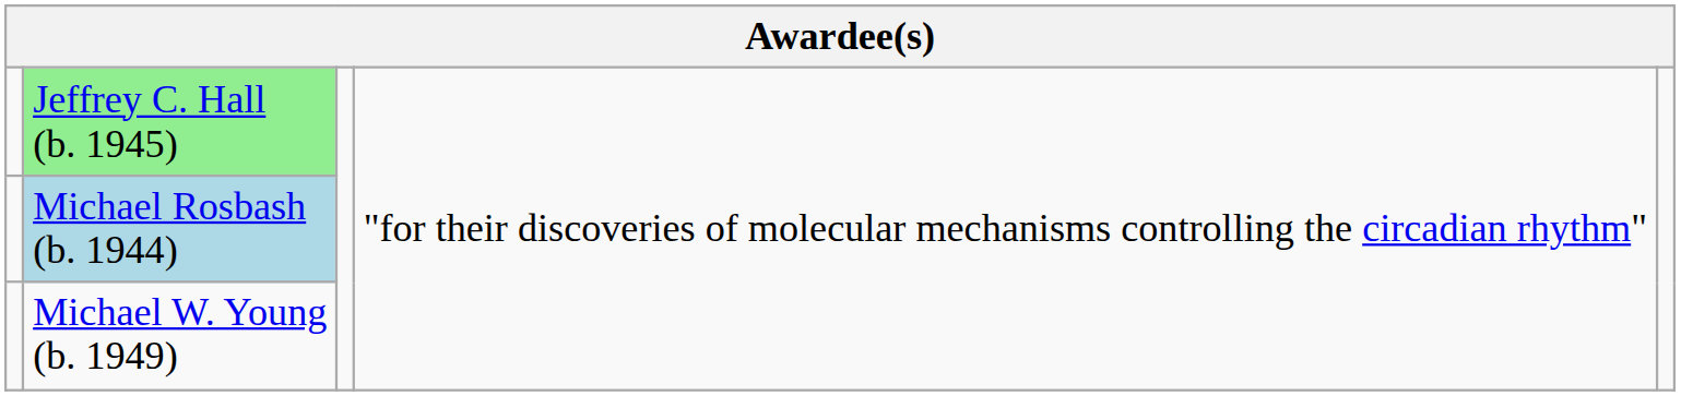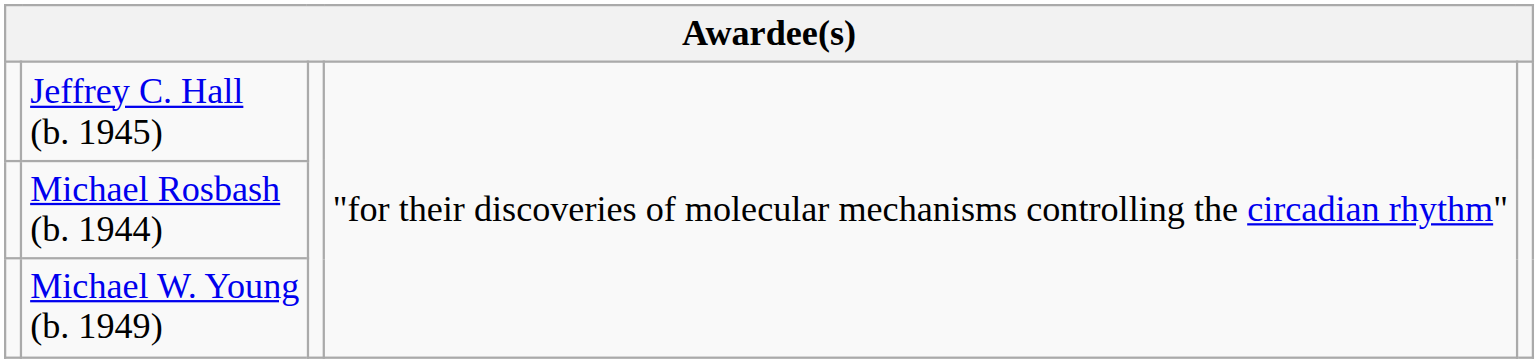 <table class="wikitable">
 <tr>
 <th colspan="5">Awardee(s)</th>
 </tr>
 <tr>
 <td></td>
-<td style="background: lightgreen;"><a href='#'>Jeffrey C. Hall</a><br>(b. 1945)</td>
+<td><a href='#'>Jeffrey C. Hall</a><br>(b. 1945)</td>
 <td rowspan="3"></td>
 <td rowspan="3">"for their discoveries of molecular mechanisms controlling the <a href='#'>circadian rhythm</a>"</td>
 <td rowspan="3"></td>
 </tr>
 <tr>
 <td></td>
-<td style="background: lightblue;"><a href='#'>Michael Rosbash</a><br>(b. 1944)</td>
+<td><a href='#'>Michael Rosbash</a><br>(b. 1944)</td>
 </tr>
 <tr>
 <td></td>
 <td><a href='#'>Michael W. Young</a><br>(b. 1949)</td>
 </tr>
 </table>
